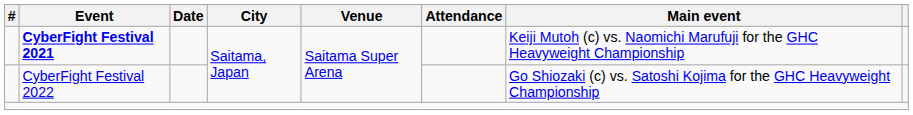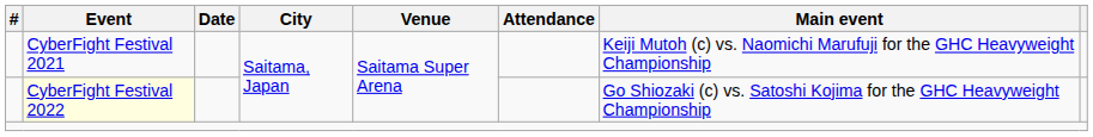 <table class="wikitable sortable" align="center" style="font-size:85%;">
 <tr>
 <th>#</th>
 <th>Event</th>
 <th>Date</th>
 <th>City</th>
 <th>Venue</th>
 <th>Attendance</th>
 <th class="unsortable">Main event</th>
 <th class="unsortable"></th>
 </tr>
 <tr>
 <td></td>
-<td><strong><a href='#'>CyberFight Festival 2021</a></strong></td>
+<td><a href='#'>CyberFight Festival 2021</a></td>
 <td></td>
 <td rowspan="2"><a href='#'>Saitama, Japan</a></td>
 <td rowspan="2"><a href='#'>Saitama Super Arena</a></td>
 <td></td>
 <td align="left"><a href='#'>Keiji Mutoh</a> (c) vs. <a href='#'>Naomichi Marufuji</a> for the <a href='#'>GHC Heavyweight Championship</a></td>
 <td></td>
 </tr>
 <tr>
 <td></td>
-<td><a href='#'>CyberFight Festival 2022</a></td>
+<td style="background: lightyellow;"><a href='#'>CyberFight Festival 2022</a></td>
 <td></td>
 <td></td>
 <td align="left"><a href='#'>Go Shiozaki</a> (c) vs. <a href='#'>Satoshi Kojima</a> for the <a href='#'>GHC Heavyweight Championship</a></td>
 <td></td>
 </tr>
 <tr>
 <td colspan="8"></td>
 </tr>
 </table>
